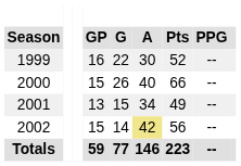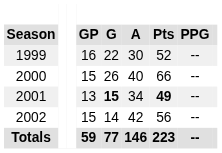 <table BORDER="0" CELLPADDING="3" CELLSPACING="0">
 <tr ALIGN="center" bgcolor="#e0e0e0">
 <th colspan="1" bgcolor="#ffffff"> </th>
 <th rowspan="99" bgcolor="#ffffff"> </th>
 <th rowspan="99" bgcolor="#ffffff"> </th>
 </tr>
 <tr ALIGN="center" bgcolor="#e0e0e0">
 <th>Season</th>
 <th>GP</th>
 <th>G</th>
 <th>A</th>
 <th>Pts</th>
 <th>PPG</th>
 <th></th>
 </tr>
 <tr ALIGN="center" bgcolor="#f0f0f0">
 <td>1999</td>
 <td>16</td>
 <td>22</td>
 <td>30</td>
 <td>52</td>
 <td>--</td>
 <td></td>
 </tr>
 <tr ALIGN="center">
 <td>2000</td>
 <td>15</td>
 <td>26</td>
 <td>40</td>
 <td>66</td>
 <td>--</td>
 <td></td>
 </tr>
 <tr ALIGN="center" bgcolor="#f0f0f0">
 <td>2001</td>
 <td>13</td>
-<td>15</td>
+<td><strong>15</strong></td>
 <td>34</td>
-<td>49</td>
+<td><strong>49</strong></td>
 <td>--</td>
 <td></td>
 </tr>
 <tr ALIGN="center">
 <td>2002</td>
 <td>15</td>
 <td>14</td>
-<td style="background: khaki;">42</td>
+<td>42</td>
 <td>56</td>
 <td>--</td>
 <td></td>
 </tr>
 <tr ALIGN="center" bgcolor="#e0e0e0">
 <th colspan="1.5">Totals</th>
 <th>59</th>
 <th>77</th>
 <th>146</th>
 <th>223</th>
 <th>--</th>
 <th></th>
 </tr>
 </table>
